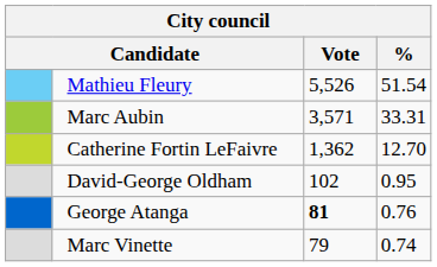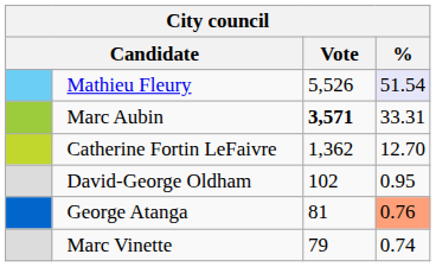 <table class="wikitable">
 <tr>
 <th colspan="4">City council</th>
 </tr>
 <tr>
 <th bgcolor="#DDDDFF" width="230px" colspan="2">Candidate</th>
 <th bgcolor="#DDDDFF" width="50px">Vote</th>
 <th bgcolor="#DDDDFF" width="30px">%</th>
 </tr>
 <tr>
 <td bgcolor=#6BCEF5 width="30px"> </td>
 <td>  <a href='#'>Mathieu Fleury</a></td>
 <td>5,526</td>
-<td>51.54</td>
+<td style="background: lavender;">51.54</td>
 </tr>
 <tr>
 <td bgcolor=#9CCB3B width="30px"> </td>
 <td>  Marc Aubin</td>
-<td>3,571</td>
+<td><strong>3,571</strong></td>
 <td>33.31</td>
 </tr>
 <tr>
 <td bgcolor=#C1D72D width="30px"> </td>
 <td>  Catherine Fortin LeFaivre</td>
 <td>1,362</td>
 <td>12.70</td>
 </tr>
 <tr>
 <td bgcolor=#DCDCDC width="30px"> </td>
 <td>  David-George Oldham</td>
 <td>102</td>
 <td>0.95</td>
 </tr>
 <tr>
 <td bgcolor=#0066CC width="30px"> </td>
 <td>  George Atanga</td>
-<td><strong>81</strong></td>
-<td>0.76</td>
+<td>81</td>
+<td style="background: lightsalmon;">0.76</td>
 </tr>
 <tr>
 <td bgcolor=#DCDCDC width="30px"> </td>
 <td>  Marc Vinette</td>
 <td>79</td>
 <td>0.74</td>
 </tr>
 </table>
